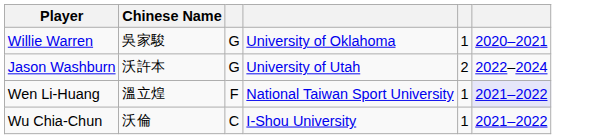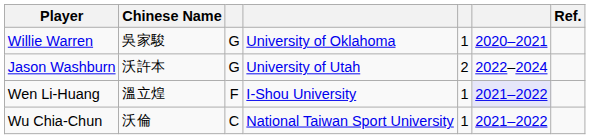 <table class="wikitable sortable" style="font-size:95%; text-align:left;">
 <tr>
 <th>Player</th>
 <th>Chinese Name</th>
 <th></th>
 <th></th>
 <th></th>
 <th></th>
+<th>Ref.</th>
 </tr>
 <tr>
 <td><a href='#'>Willie Warren</a></td>
 <td>吳家駿</td>
 <td align="center">G</td>
 <td><a href='#'>University of Oklahoma</a></td>
 <td align="center">1</td>
 <td align="center"><a href='#'>2020–2021</a></td>
+<td></td>
 </tr>
 <tr>
 <td><a href='#'>Jason Washburn</a></td>
 <td>沃許本</td>
 <td align="center">G</td>
 <td><a href='#'>University of Utah</a></td>
 <td align="center">2</td>
 <td align="center"><a href='#'>2022</a>–<a href='#'>2024</a></td>
+<td></td>
 </tr>
 <tr>
 <td>Wen Li-Huang</td>
 <td>溫立煌</td>
 <td align="center">F</td>
-<td><a href='#'>National Taiwan Sport University</a></td>
+<td><a href='#'>I-Shou University</a></td>
 <td align="center">1</td>
 <td align="center" style="background: lavender;"><a href='#'>2021–2022</a></td>
+<td></td>
 </tr>
 <tr>
 <td>Wu Chia-Chun</td>
 <td>沃倫</td>
 <td align="center">C</td>
-<td><a href='#'>I-Shou University</a></td>
+<td><a href='#'>National Taiwan Sport University</a></td>
 <td align="center">1</td>
 <td align="center"><a href='#'>2021–2022</a></td>
+<td></td>
 </tr>
 </table>
